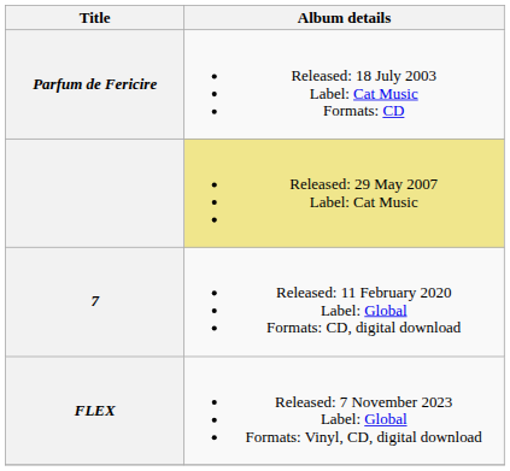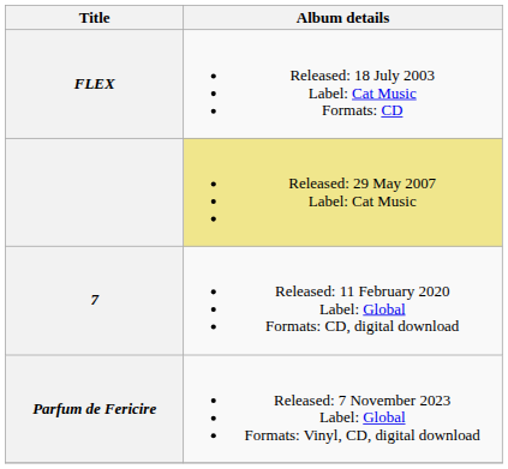 <table class="wikitable plainrowheaders" style="text-align:center;">
 <tr>
 <th scope="col" rowspan="1" style="width:11em;">Title</th>
 <th scope="col" rowspan="1" style="width:20em;">Album details</th>
 </tr>
 <tr>
-<th scope="row"><em>Parfum de Fericire</em></th>
+<th scope="row"><em>FLEX</em></th>
 <td><br><ul><li>Released: 18 July 2003</li><li>Label: <a href='#'>Cat Music</a></li><li>Formats: <a href='#'>CD</a></li></ul></td>
 </tr>
 <tr>
 <th scope="row"></th>
 <td style="background: khaki;"><br><ul><li>Released: 29 May 2007</li><li>Label: Cat Music</li><li></li></ul></td>
 </tr>
 <tr>
 <th scope="row"><em>7</em></th>
 <td><br><ul><li>Released: 11 February 2020</li><li>Label: <a href='#'>Global</a></li><li>Formats: CD, digital download</li></ul></td>
 </tr>
 <tr>
-<th scope="row"><em>FLEX</em></th>
+<th scope="row"><em>Parfum de Fericire</em></th>
 <td><br><ul><li>Released: 7 November 2023</li><li>Label: <a href='#'>Global</a></li><li>Formats: Vinyl, CD, digital download</li></ul></td>
 </tr>
 <tr>
 </tr>
 </table>
